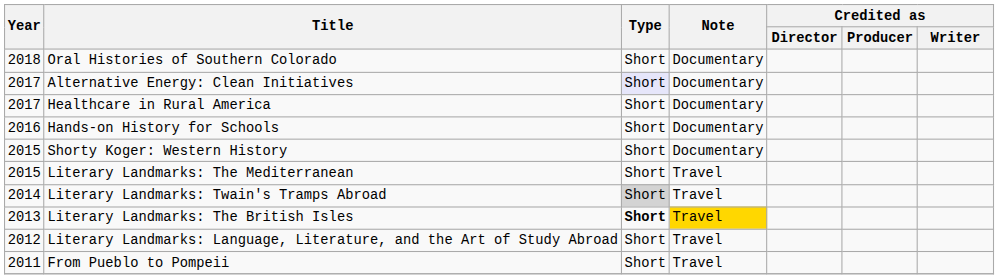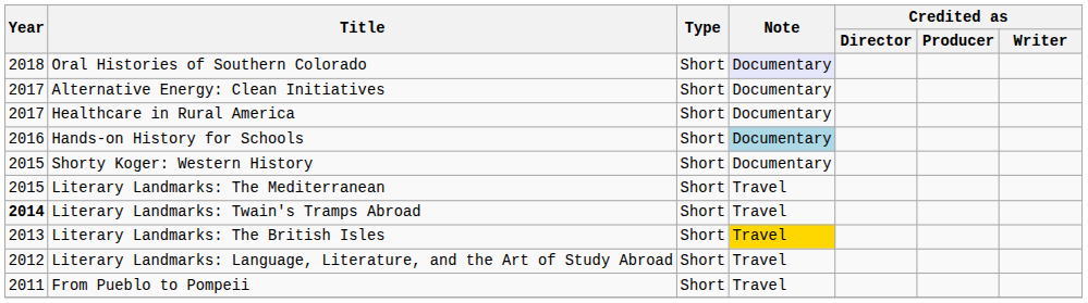 <table class="wikitable sortable">
 <tr>
 <th rowspan="2">Year</th>
 <th rowspan="2">Title</th>
 <th rowspan="2">Type</th>
 <th rowspan="2">Note</th>
 <th colspan="4">Credited as</th>
 </tr>
 <tr>
 <th width="65">Director</th>
 <th width="65">Producer</th>
 <th width="65">Writer</th>
 </tr>
 <tr>
 <td>2018</td>
 <td>Oral Histories of Southern Colorado</td>
 <td>Short</td>
-<td>Documentary</td>
+<td style="background: lavender;">Documentary</td>
 <td></td>
 <td></td>
 <td></td>
 </tr>
 <tr>
 <td>2017</td>
 <td>Alternative Energy: Clean Initiatives</td>
-<td style="background: lavender;">Short</td>
+<td>Short</td>
 <td>Documentary</td>
 <td></td>
 <td></td>
 <td></td>
 </tr>
 <tr>
 <td>2017</td>
 <td>Healthcare in Rural America</td>
 <td>Short</td>
 <td>Documentary</td>
 <td></td>
 <td></td>
 <td></td>
 </tr>
 <tr>
 <td>2016</td>
 <td>Hands-on History for Schools</td>
 <td>Short</td>
-<td>Documentary</td>
+<td style="background: lightblue;">Documentary</td>
 <td></td>
 <td></td>
 <td></td>
 </tr>
 <tr>
 <td>2015</td>
 <td>Shorty Koger: Western History</td>
 <td>Short</td>
 <td>Documentary</td>
 <td></td>
 <td></td>
 <td></td>
 </tr>
 <tr>
 <td>2015</td>
 <td>Literary Landmarks: The Mediterranean</td>
 <td>Short</td>
 <td>Travel</td>
 <td></td>
 <td></td>
 <td></td>
 </tr>
 <tr>
-<td>2014</td>
+<td><strong>2014</strong></td>
 <td>Literary Landmarks: Twain's Tramps Abroad</td>
-<td style="background: lightgrey;">Short</td>
+<td>Short</td>
 <td>Travel</td>
 <td></td>
 <td></td>
 <td></td>
 </tr>
 <tr>
 <td>2013</td>
 <td>Literary Landmarks: The British Isles</td>
-<td><strong>Short</strong></td>
+<td>Short</td>
 <td style="background: gold;">Travel</td>
 <td></td>
 <td></td>
 <td></td>
 </tr>
 <tr>
 <td>2012</td>
 <td>Literary Landmarks: Language, Literature, and the Art of Study Abroad</td>
 <td>Short</td>
 <td>Travel</td>
 <td></td>
 <td></td>
 <td></td>
 </tr>
 <tr>
 <td>2011</td>
 <td>From Pueblo to Pompeii</td>
 <td>Short</td>
 <td>Travel</td>
 <td></td>
 <td></td>
 <td></td>
 </tr>
 <tr>
 </tr>
 </table>
